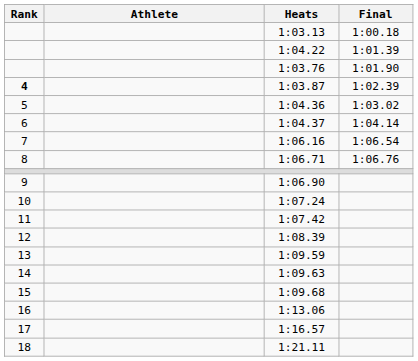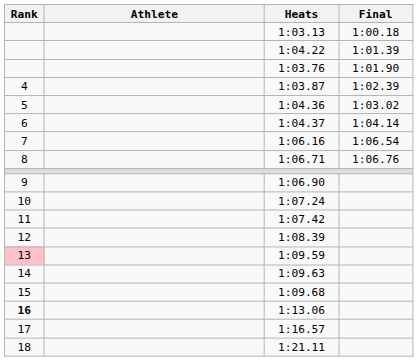 <table class=wikitable style="text-align:center">
 <tr>
 <th width=40>Rank</th>
 <th width=250>Athlete</th>
 <th width=80>Heats</th>
 <th width=80>Final</th>
 </tr>
 <tr>
 <td></td>
 <td align=left></td>
 <td>1:03.13</td>
 <td>1:00.18</td>
 </tr>
 <tr>
 <td></td>
 <td align=left></td>
 <td>1:04.22</td>
 <td>1:01.39</td>
 </tr>
 <tr>
 <td></td>
 <td align=left></td>
 <td>1:03.76</td>
 <td>1:01.90</td>
 </tr>
 <tr>
-<td><strong>4</strong></td>
+<td>4</td>
 <td align=left></td>
 <td>1:03.87</td>
 <td>1:02.39</td>
 </tr>
 <tr>
 <td>5</td>
 <td align=left></td>
 <td>1:04.36</td>
 <td>1:03.02</td>
 </tr>
 <tr>
 <td>6</td>
 <td align=left></td>
 <td>1:04.37</td>
 <td>1:04.14</td>
 </tr>
 <tr>
 <td>7</td>
 <td align=left></td>
 <td>1:06.16</td>
 <td>1:06.54</td>
 </tr>
 <tr>
 <td>8</td>
 <td align=left></td>
 <td>1:06.71</td>
 <td>1:06.76</td>
 </tr>
 <tr bgcolor=#DDDDDD>
 <td colspan=4></td>
 </tr>
 <tr>
 <td>9</td>
 <td align=left></td>
 <td>1:06.90</td>
 <td></td>
 </tr>
 <tr>
 <td>10</td>
 <td align=left></td>
 <td>1:07.24</td>
 <td></td>
 </tr>
 <tr>
 <td>11</td>
 <td align=left></td>
 <td>1:07.42</td>
 <td></td>
 </tr>
 <tr>
 <td>12</td>
 <td align=left></td>
 <td>1:08.39</td>
 <td></td>
 </tr>
 <tr>
-<td>13</td>
+<td style="background: pink;">13</td>
 <td align=left></td>
 <td>1:09.59</td>
 <td></td>
 </tr>
 <tr>
 <td>14</td>
 <td align=left></td>
 <td>1:09.63</td>
 <td></td>
 </tr>
 <tr>
 <td>15</td>
 <td align=left></td>
 <td>1:09.68</td>
 <td></td>
 </tr>
 <tr>
-<td>16</td>
+<td><strong>16</strong></td>
 <td align=left></td>
 <td>1:13.06</td>
 <td></td>
 </tr>
 <tr>
 <td>17</td>
 <td align=left></td>
 <td>1:16.57</td>
 <td></td>
 </tr>
 <tr>
 <td>18</td>
 <td align=left></td>
 <td>1:21.11</td>
 <td></td>
 </tr>
 </table>
